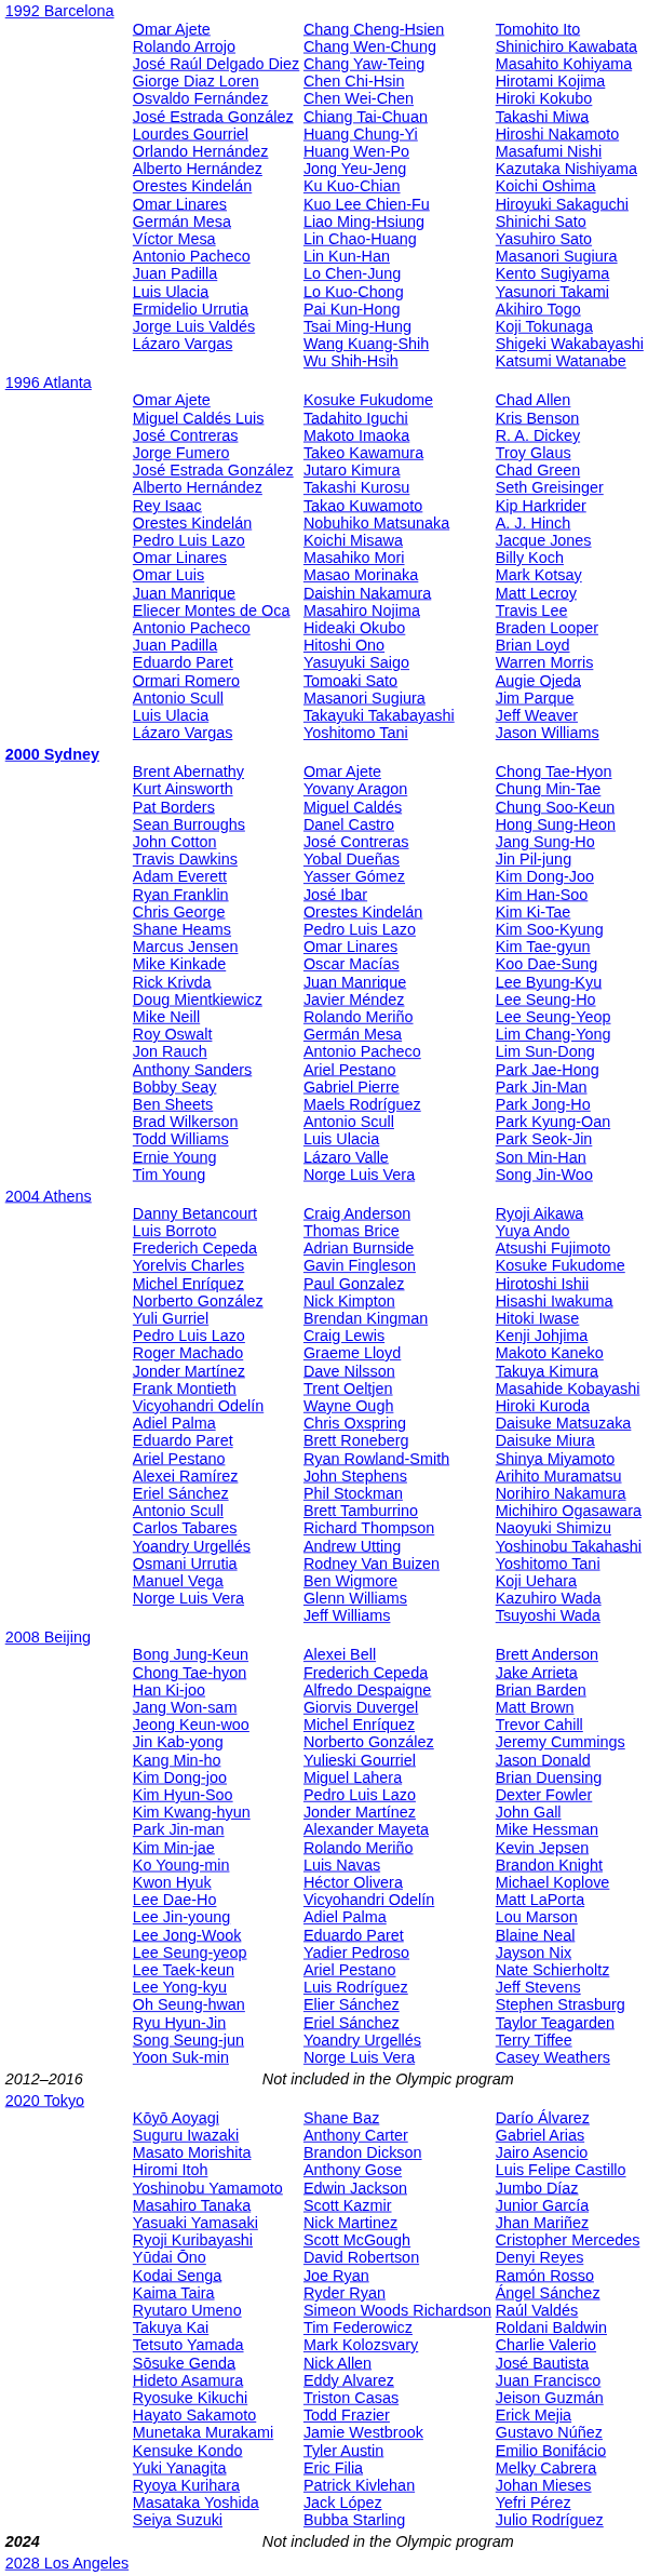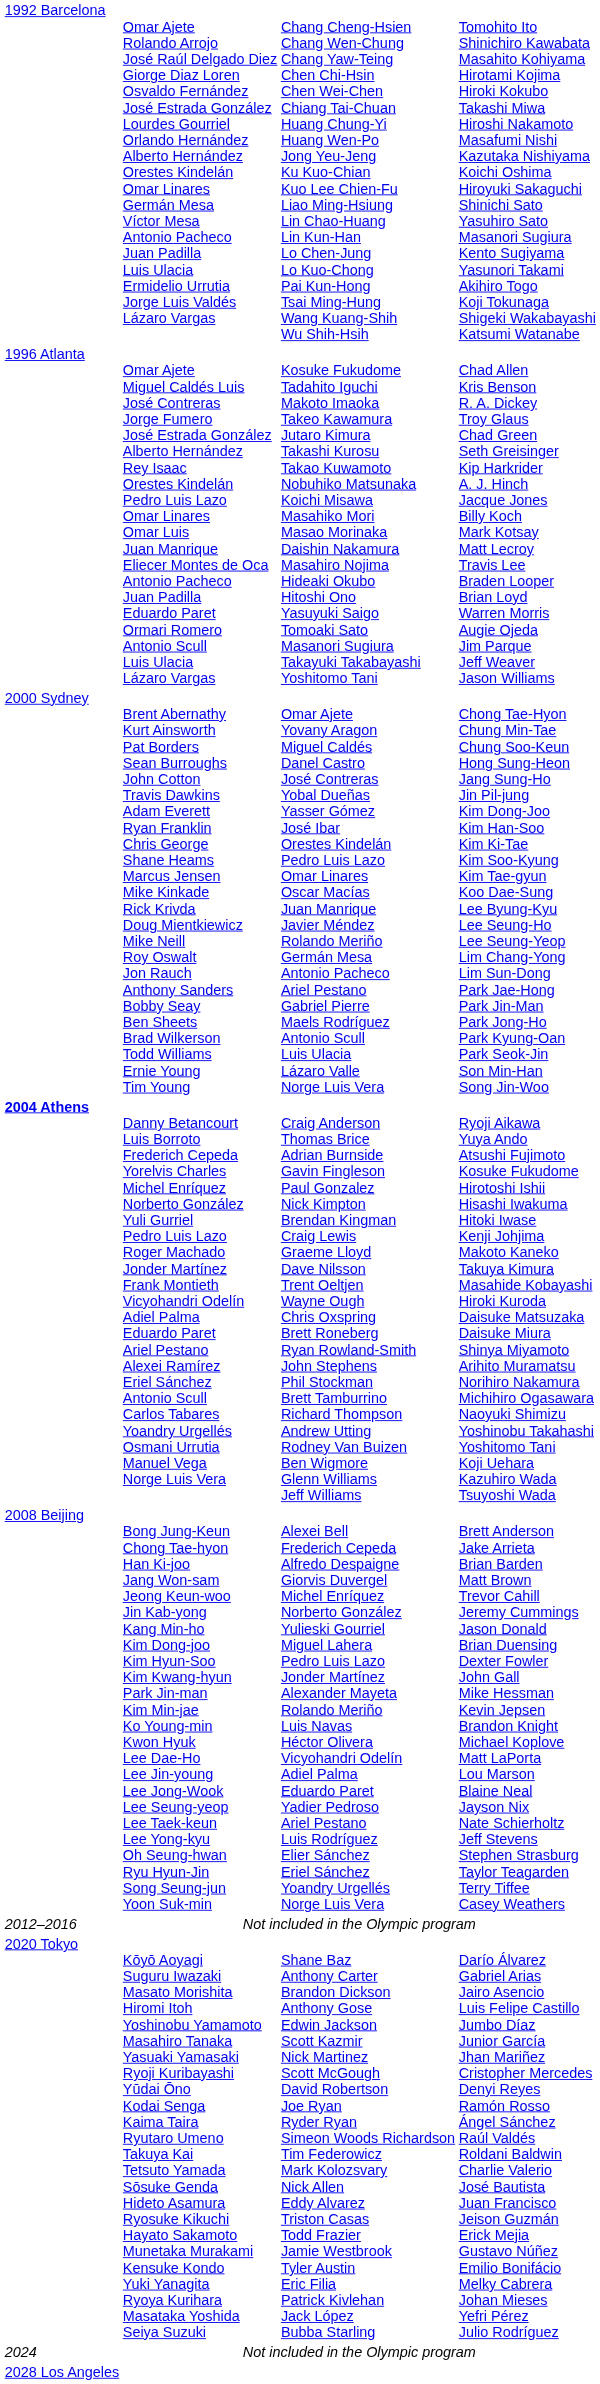 <table>
 <tr valign="top">
 <td><a href='#'>1992 Barcelona</a><br></td>
 <td valign=top><br><a href='#'>Omar Ajete</a><br><a href='#'>Rolando Arrojo</a><br><a href='#'>José Raúl Delgado Diez</a><br><a href='#'>Giorge Diaz Loren</a><br><a href='#'>Osvaldo Fernández</a><br><a href='#'>José Estrada González</a><br><a href='#'>Lourdes Gourriel</a><br><a href='#'>Orlando Hernández</a><br><a href='#'>Alberto Hernández</a><br><a href='#'>Orestes Kindelán</a><br><a href='#'>Omar Linares</a><br><a href='#'>Germán Mesa</a><br><a href='#'>Víctor Mesa</a><br><a href='#'>Antonio Pacheco</a><br><a href='#'>Juan Padilla</a><br><a href='#'>Luis Ulacia</a><br><a href='#'>Ermidelio Urrutia</a><br><a href='#'>Jorge Luis Valdés</a><br><a href='#'>Lázaro Vargas</a></td>
 <td valign=top><br><a href='#'>Chang Cheng-Hsien</a><br><a href='#'>Chang Wen-Chung</a><br><a href='#'>Chang Yaw-Teing</a><br><a href='#'>Chen Chi-Hsin</a><br><a href='#'>Chen Wei-Chen</a><br><a href='#'>Chiang Tai-Chuan</a><br><a href='#'>Huang Chung-Yi</a><br><a href='#'>Huang Wen-Po</a><br><a href='#'>Jong Yeu-Jeng</a><br><a href='#'>Ku Kuo-Chian</a><br><a href='#'>Kuo Lee Chien-Fu</a><br><a href='#'>Liao Ming-Hsiung</a><br><a href='#'>Lin Chao-Huang</a><br><a href='#'>Lin Kun-Han</a><br><a href='#'>Lo Chen-Jung</a><br><a href='#'>Lo Kuo-Chong</a><br><a href='#'>Pai Kun-Hong</a><br><a href='#'>Tsai Ming-Hung</a><br><a href='#'>Wang Kuang-Shih</a><br><a href='#'>Wu Shih-Hsih</a></td>
 <td valign=top><br><a href='#'>Tomohito Ito</a><br><a href='#'>Shinichiro Kawabata</a><br><a href='#'>Masahito Kohiyama</a><br><a href='#'>Hirotami Kojima</a><br><a href='#'>Hiroki Kokubo</a><br><a href='#'>Takashi Miwa</a><br><a href='#'>Hiroshi Nakamoto</a><br><a href='#'>Masafumi Nishi</a><br><a href='#'>Kazutaka Nishiyama</a><br><a href='#'>Koichi Oshima</a><br><a href='#'>Hiroyuki Sakaguchi</a><br><a href='#'>Shinichi Sato</a><br><a href='#'>Yasuhiro Sato</a><br><a href='#'>Masanori Sugiura</a><br><a href='#'>Kento Sugiyama</a><br><a href='#'>Yasunori Takami</a><br><a href='#'>Akihiro Togo</a><br><a href='#'>Koji Tokunaga</a><br><a href='#'>Shigeki Wakabayashi</a><br><a href='#'>Katsumi Watanabe</a></td>
 </tr>
 <tr valign="top">
 <td><a href='#'>1996 Atlanta</a><br></td>
 <td valign=top><br><a href='#'>Omar Ajete</a><br><a href='#'>Miguel Caldés Luis</a><br><a href='#'>José Contreras</a><br><a href='#'>Jorge Fumero</a><br><a href='#'>José Estrada González</a><br><a href='#'>Alberto Hernández</a><br><a href='#'>Rey Isaac</a><br><a href='#'>Orestes Kindelán</a><br><a href='#'>Pedro Luis Lazo</a><br><a href='#'>Omar Linares</a><br><a href='#'>Omar Luis</a><br><a href='#'>Juan Manrique</a><br><a href='#'>Eliecer Montes de Oca</a><br><a href='#'>Antonio Pacheco</a><br><a href='#'>Juan Padilla</a><br><a href='#'>Eduardo Paret</a><br><a href='#'>Ormari Romero</a><br><a href='#'>Antonio Scull</a><br><a href='#'>Luis Ulacia</a><br><a href='#'>Lázaro Vargas</a></td>
 <td valign=top><br><a href='#'>Kosuke Fukudome</a><br><a href='#'>Tadahito Iguchi</a><br><a href='#'>Makoto Imaoka</a><br><a href='#'>Takeo Kawamura</a><br><a href='#'>Jutaro Kimura</a><br><a href='#'>Takashi Kurosu</a><br><a href='#'>Takao Kuwamoto</a><br><a href='#'>Nobuhiko Matsunaka</a><br><a href='#'>Koichi Misawa</a><br><a href='#'>Masahiko Mori</a><br><a href='#'>Masao Morinaka</a><br><a href='#'>Daishin Nakamura</a><br><a href='#'>Masahiro Nojima</a><br><a href='#'>Hideaki Okubo</a><br><a href='#'>Hitoshi Ono</a><br><a href='#'>Yasuyuki Saigo</a><br><a href='#'>Tomoaki Sato</a><br><a href='#'>Masanori Sugiura</a><br><a href='#'>Takayuki Takabayashi</a><br><a href='#'>Yoshitomo Tani</a></td>
 <td valign=top><br><a href='#'>Chad Allen</a><br><a href='#'>Kris Benson</a><br><a href='#'>R. A. Dickey</a><br><a href='#'>Troy Glaus</a><br><a href='#'>Chad Green</a><br><a href='#'>Seth Greisinger</a><br><a href='#'>Kip Harkrider</a><br><a href='#'>A. J. Hinch</a><br><a href='#'>Jacque Jones</a><br><a href='#'>Billy Koch</a><br><a href='#'>Mark Kotsay</a><br><a href='#'>Matt Lecroy</a><br><a href='#'>Travis Lee</a><br><a href='#'>Braden Looper</a><br><a href='#'>Brian Loyd</a><br><a href='#'>Warren Morris</a><br><a href='#'>Augie Ojeda</a><br><a href='#'>Jim Parque</a><br><a href='#'>Jeff Weaver</a><br><a href='#'>Jason Williams</a></td>
 </tr>
 <tr valign="top">
-<td><strong><a href='#'>2000 Sydney</a><br></strong></td>
+<td><a href='#'>2000 Sydney</a><br></td>
 <td valign=top><br><a href='#'>Brent Abernathy</a><br><a href='#'>Kurt Ainsworth</a><br><a href='#'>Pat Borders</a><br><a href='#'>Sean Burroughs</a><br><a href='#'>John Cotton</a><br><a href='#'>Travis Dawkins</a><br><a href='#'>Adam Everett</a><br><a href='#'>Ryan Franklin</a><br><a href='#'>Chris George</a><br><a href='#'>Shane Heams</a><br><a href='#'>Marcus Jensen</a><br><a href='#'>Mike Kinkade</a><br><a href='#'>Rick Krivda</a><br><a href='#'>Doug Mientkiewicz</a><br><a href='#'>Mike Neill</a><br><a href='#'>Roy Oswalt</a><br><a href='#'>Jon Rauch</a><br><a href='#'>Anthony Sanders</a><br><a href='#'>Bobby Seay</a><br><a href='#'>Ben Sheets</a><br><a href='#'>Brad Wilkerson</a><br><a href='#'>Todd Williams</a><br><a href='#'>Ernie Young</a><br><a href='#'>Tim Young</a></td>
 <td valign=top><br><a href='#'>Omar Ajete</a><br><a href='#'>Yovany Aragon</a><br><a href='#'>Miguel Caldés</a><br><a href='#'>Danel Castro</a><br><a href='#'>José Contreras</a><br><a href='#'>Yobal Dueñas</a><br><a href='#'>Yasser Gómez</a><br><a href='#'>José Ibar</a><br><a href='#'>Orestes Kindelán</a><br><a href='#'>Pedro Luis Lazo</a><br><a href='#'>Omar Linares</a><br><a href='#'>Oscar Macías</a><br><a href='#'>Juan Manrique</a><br><a href='#'>Javier Méndez</a><br><a href='#'>Rolando Meriño</a><br><a href='#'>Germán Mesa</a><br><a href='#'>Antonio Pacheco</a><br><a href='#'>Ariel Pestano</a><br><a href='#'>Gabriel Pierre</a><br><a href='#'>Maels Rodríguez</a><br><a href='#'>Antonio Scull</a><br><a href='#'>Luis Ulacia</a><br><a href='#'>Lázaro Valle</a><br><a href='#'>Norge Luis Vera</a></td>
 <td valign=top><br><a href='#'>Chong Tae-Hyon</a><br><a href='#'>Chung Min-Tae</a><br><a href='#'>Chung Soo-Keun</a><br><a href='#'>Hong Sung-Heon</a><br><a href='#'>Jang Sung-Ho</a><br><a href='#'>Jin Pil-jung</a><br><a href='#'>Kim Dong-Joo</a><br><a href='#'>Kim Han-Soo</a><br><a href='#'>Kim Ki-Tae</a><br><a href='#'>Kim Soo-Kyung</a><br><a href='#'>Kim Tae-gyun</a><br><a href='#'>Koo Dae-Sung</a><br><a href='#'>Lee Byung-Kyu</a><br><a href='#'>Lee Seung-Ho</a><br><a href='#'>Lee Seung-Yeop</a><br><a href='#'>Lim Chang-Yong</a><br><a href='#'>Lim Sun-Dong</a><br><a href='#'>Park Jae-Hong</a><br><a href='#'>Park Jin-Man</a><br><a href='#'>Park Jong-Ho</a><br><a href='#'>Park Kyung-Oan</a><br><a href='#'>Park Seok-Jin</a><br><a href='#'>Son Min-Han</a><br><a href='#'>Song Jin-Woo</a></td>
 </tr>
 <tr valign="top">
-<td><a href='#'>2004 Athens</a><br></td>
+<td><strong><a href='#'>2004 Athens</a><br></strong></td>
 <td valign=top><br><a href='#'>Danny Betancourt</a><br><a href='#'>Luis Borroto</a><br><a href='#'>Frederich Cepeda</a><br><a href='#'>Yorelvis Charles</a><br><a href='#'>Michel Enríquez</a><br><a href='#'>Norberto González</a><br><a href='#'>Yuli Gurriel</a><br><a href='#'>Pedro Luis Lazo</a><br><a href='#'>Roger Machado</a><br><a href='#'>Jonder Martínez</a><br><a href='#'>Frank Montieth</a><br><a href='#'>Vicyohandri Odelín</a><br><a href='#'>Adiel Palma</a><br><a href='#'>Eduardo Paret</a><br><a href='#'>Ariel Pestano</a><br><a href='#'>Alexei Ramírez</a><br><a href='#'>Eriel Sánchez</a><br><a href='#'>Antonio Scull</a><br><a href='#'>Carlos Tabares</a><br><a href='#'>Yoandry Urgellés</a><br><a href='#'>Osmani Urrutia</a><br><a href='#'>Manuel Vega</a><br><a href='#'>Norge Luis Vera</a></td>
 <td valign=top><br><a href='#'>Craig Anderson</a><br><a href='#'>Thomas Brice</a><br><a href='#'>Adrian Burnside</a><br><a href='#'>Gavin Fingleson</a><br><a href='#'>Paul Gonzalez</a><br><a href='#'>Nick Kimpton</a><br><a href='#'>Brendan Kingman</a><br><a href='#'>Craig Lewis</a><br><a href='#'>Graeme Lloyd</a><br><a href='#'>Dave Nilsson</a><br><a href='#'>Trent Oeltjen</a><br><a href='#'>Wayne Ough</a><br><a href='#'>Chris Oxspring</a><br><a href='#'>Brett Roneberg</a><br><a href='#'>Ryan Rowland-Smith</a><br><a href='#'>John Stephens</a><br><a href='#'>Phil Stockman</a><br><a href='#'>Brett Tamburrino</a><br><a href='#'>Richard Thompson</a><br><a href='#'>Andrew Utting</a><br><a href='#'>Rodney Van Buizen</a><br><a href='#'>Ben Wigmore</a><br><a href='#'>Glenn Williams</a><br><a href='#'>Jeff Williams</a></td>
 <td valign=top><br><a href='#'>Ryoji Aikawa</a><br><a href='#'>Yuya Ando</a><br><a href='#'>Atsushi Fujimoto</a><br><a href='#'>Kosuke Fukudome</a><br><a href='#'>Hirotoshi Ishii</a><br><a href='#'>Hisashi Iwakuma</a><br><a href='#'>Hitoki Iwase</a><br><a href='#'>Kenji Johjima</a><br><a href='#'>Makoto Kaneko</a><br><a href='#'>Takuya Kimura</a><br><a href='#'>Masahide Kobayashi</a><br><a href='#'>Hiroki Kuroda</a><br><a href='#'>Daisuke Matsuzaka</a><br><a href='#'>Daisuke Miura</a><br><a href='#'>Shinya Miyamoto</a><br><a href='#'>Arihito Muramatsu</a><br><a href='#'>Norihiro Nakamura</a><br><a href='#'>Michihiro Ogasawara</a><br><a href='#'>Naoyuki Shimizu</a><br><a href='#'>Yoshinobu Takahashi</a><br><a href='#'>Yoshitomo Tani</a><br><a href='#'>Koji Uehara</a><br><a href='#'>Kazuhiro Wada</a><br><a href='#'>Tsuyoshi Wada</a></td>
 </tr>
 <tr valign="top">
 <td><a href='#'>2008 Beijing</a><br></td>
 <td valign=top><br><a href='#'>Bong Jung-Keun</a><br><a href='#'>Chong Tae-hyon</a><br><a href='#'>Han Ki-joo</a><br><a href='#'>Jang Won-sam</a><br><a href='#'>Jeong Keun-woo</a><br><a href='#'>Jin Kab-yong</a><br><a href='#'>Kang Min-ho</a><br><a href='#'>Kim Dong-joo</a><br><a href='#'>Kim Hyun-Soo</a><br><a href='#'>Kim Kwang-hyun</a><br><a href='#'>Park Jin-man</a><br><a href='#'>Kim Min-jae</a><br><a href='#'>Ko Young-min</a><br><a href='#'>Kwon Hyuk</a><br><a href='#'>Lee Dae-Ho</a><br><a href='#'>Lee Jin-young</a><br><a href='#'>Lee Jong-Wook</a><br><a href='#'>Lee Seung-yeop</a><br><a href='#'>Lee Taek-keun</a><br><a href='#'>Lee Yong-kyu</a><br><a href='#'>Oh Seung-hwan</a><br><a href='#'>Ryu Hyun-Jin</a><br><a href='#'>Song Seung-jun</a><br><a href='#'>Yoon Suk-min</a></td>
 <td valign=top><br><a href='#'>Alexei Bell</a><br><a href='#'>Frederich Cepeda</a><br><a href='#'>Alfredo Despaigne</a><br><a href='#'>Giorvis Duvergel</a><br><a href='#'>Michel Enríquez</a><br><a href='#'>Norberto González</a><br><a href='#'>Yulieski Gourriel</a><br><a href='#'>Miguel Lahera</a><br><a href='#'>Pedro Luis Lazo</a><br><a href='#'>Jonder Martínez</a><br><a href='#'>Alexander Mayeta</a><br><a href='#'>Rolando Meriño</a><br><a href='#'>Luis Navas</a><br><a href='#'>Héctor Olivera</a><br><a href='#'>Vicyohandri Odelín</a><br><a href='#'>Adiel Palma</a><br><a href='#'>Eduardo Paret</a><br><a href='#'>Yadier Pedroso</a><br><a href='#'>Ariel Pestano</a><br><a href='#'>Luis Rodríguez</a><br><a href='#'>Elier Sánchez</a><br><a href='#'>Eriel Sánchez</a><br><a href='#'>Yoandry Urgellés</a><br><a href='#'>Norge Luis Vera</a></td>
 <td valign=top><br><a href='#'>Brett Anderson</a><br><a href='#'>Jake Arrieta</a><br><a href='#'>Brian Barden</a><br><a href='#'>Matt Brown</a><br><a href='#'>Trevor Cahill</a><br><a href='#'>Jeremy Cummings</a><br><a href='#'>Jason Donald</a><br><a href='#'>Brian Duensing</a><br><a href='#'>Dexter Fowler</a><br><a href='#'>John Gall</a><br><a href='#'>Mike Hessman</a><br><a href='#'>Kevin Jepsen</a><br><a href='#'>Brandon Knight</a><br><a href='#'>Michael Koplove</a><br><a href='#'>Matt LaPorta</a><br><a href='#'>Lou Marson</a><br><a href='#'>Blaine Neal</a><br><a href='#'>Jayson Nix</a><br><a href='#'>Nate Schierholtz</a><br><a href='#'>Jeff Stevens</a><br><a href='#'>Stephen Strasburg</a><br><a href='#'>Taylor Teagarden</a><br><a href='#'>Terry Tiffee</a><br><a href='#'>Casey Weathers</a></td>
 </tr>
 <tr>
 <td><em>2012–2016</em></td>
 <td colspan=3 align=center><em>Not included in the Olympic program</em></td>
 </tr>
 <tr valign="top">
 <td><a href='#'>2020 Tokyo</a><br></td>
 <td><br><a href='#'>Kōyō Aoyagi</a><br><a href='#'>Suguru Iwazaki</a><br><a href='#'>Masato Morishita</a><br><a href='#'>Hiromi Itoh</a><br><a href='#'>Yoshinobu Yamamoto</a><br><a href='#'>Masahiro Tanaka</a><br><a href='#'>Yasuaki Yamasaki</a><br><a href='#'>Ryoji Kuribayashi</a><br><a href='#'>Yūdai Ōno</a><br><a href='#'>Kodai Senga</a><br><a href='#'>Kaima Taira</a><br><a href='#'>Ryutaro Umeno</a><br><a href='#'>Takuya Kai</a><br><a href='#'>Tetsuto Yamada</a><br><a href='#'>Sōsuke Genda</a><br><a href='#'>Hideto Asamura</a><br><a href='#'>Ryosuke Kikuchi</a><br><a href='#'>Hayato Sakamoto</a><br><a href='#'>Munetaka Murakami</a><br><a href='#'>Kensuke Kondo</a><br><a href='#'>Yuki Yanagita</a><br><a href='#'>Ryoya Kurihara</a><br><a href='#'>Masataka Yoshida</a><br><a href='#'>Seiya Suzuki</a></td>
 <td><br><a href='#'>Shane Baz</a><br><a href='#'>Anthony Carter</a><br><a href='#'>Brandon Dickson</a><br><a href='#'>Anthony Gose</a><br><a href='#'>Edwin Jackson</a><br><a href='#'>Scott Kazmir</a><br><a href='#'>Nick Martinez</a><br><a href='#'>Scott McGough</a><br><a href='#'>David Robertson</a><br><a href='#'>Joe Ryan</a><br><a href='#'>Ryder Ryan</a><br><a href='#'>Simeon Woods Richardson</a><br><a href='#'>Tim Federowicz</a><br><a href='#'>Mark Kolozsvary</a><br><a href='#'>Nick Allen</a><br><a href='#'>Eddy Alvarez</a><br><a href='#'>Triston Casas</a><br><a href='#'>Todd Frazier</a><br><a href='#'>Jamie Westbrook</a><br><a href='#'>Tyler Austin</a><br><a href='#'>Eric Filia</a><br><a href='#'>Patrick Kivlehan</a><br><a href='#'>Jack López</a><br><a href='#'>Bubba Starling</a></td>
 <td><br><a href='#'>Darío Álvarez</a><br><a href='#'>Gabriel Arias</a><br><a href='#'>Jairo Asencio</a><br><a href='#'>Luis Felipe Castillo</a><br><a href='#'>Jumbo Díaz</a><br><a href='#'>Junior García</a><br><a href='#'>Jhan Mariñez</a><br><a href='#'>Cristopher Mercedes</a><br><a href='#'>Denyi Reyes</a><br><a href='#'>Ramón Rosso</a><br><a href='#'>Ángel Sánchez</a><br><a href='#'>Raúl Valdés</a><br><a href='#'>Roldani Baldwin</a><br><a href='#'>Charlie Valerio</a><br><a href='#'>José Bautista</a><br><a href='#'>Juan Francisco</a><br><a href='#'>Jeison Guzmán</a><br><a href='#'>Erick Mejia</a><br><a href='#'>Gustavo Núñez</a><br><a href='#'>Emilio Bonifácio</a><br><a href='#'>Melky Cabrera</a><br><a href='#'>Johan Mieses</a><br><a href='#'>Yefri Pérez</a><br><a href='#'>Julio Rodríguez</a></td>
 </tr>
 <tr>
-<td><strong><em>2024</em></strong></td>
+<td><em>2024</em></td>
 <td colspan=3 align=center><em>Not included in the Olympic program</em></td>
 </tr>
 <tr>
 <td><a href='#'>2028 Los Angeles</a><br></td>
 <td></td>
 <td></td>
 <td></td>
 </tr>
 <tr>
 </tr>
 </table>
